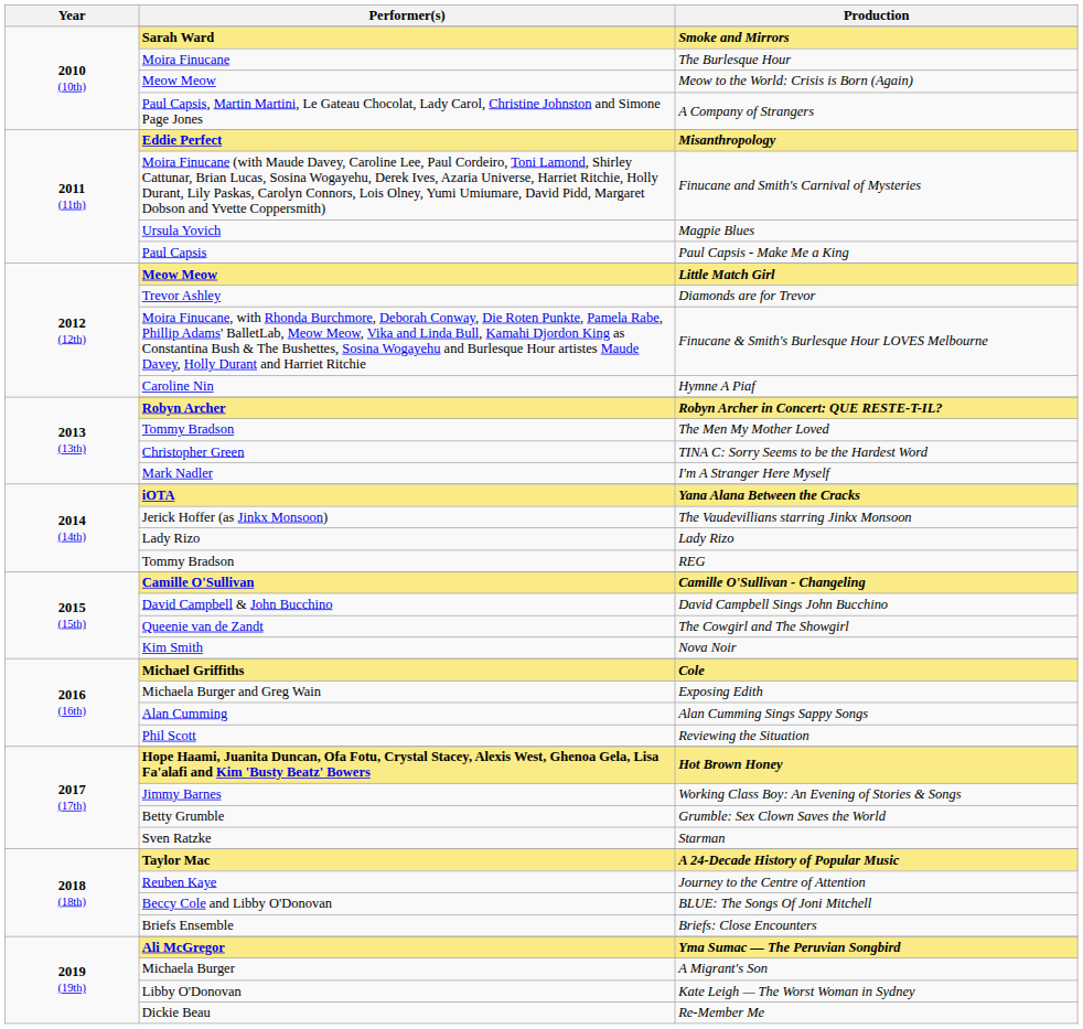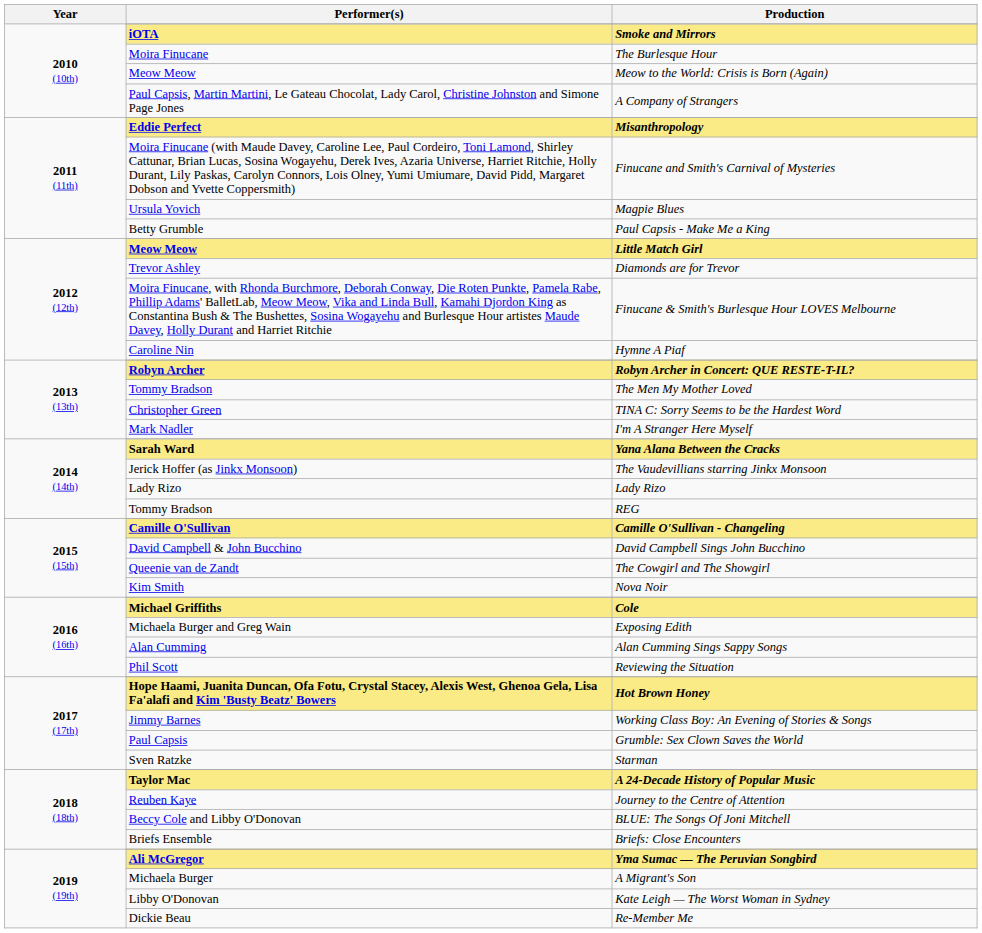 <table class="sortable wikitable">
 <tr>
 <th width="5%">Year</th>
 <th width="20%">Performer(s)</th>
 <th width="15%">Production</th>
 </tr>
 <tr>
 <td rowspan=5 align="center"><strong>2010</strong><br><small><a href='#'>(10th)</a></small></td>
 </tr>
 <tr style="background:#FAEB86">
-<td><strong>Sarah Ward</strong></td>
+<td><strong><a href='#'>iOTA</a></strong></td>
 <td><strong><em>Smoke and Mirrors</em></strong></td>
 </tr>
 <tr>
 <td><a href='#'>Moira Finucane</a></td>
 <td><em>The Burlesque Hour</em></td>
 </tr>
 <tr>
 <td><a href='#'>Meow Meow</a></td>
 <td><em>Meow to the World: Crisis is Born (Again)</em></td>
 </tr>
 <tr>
 <td><a href='#'>Paul Capsis</a>, <a href='#'>Martin Martini</a>, Le Gateau Chocolat, Lady Carol, <a href='#'>Christine Johnston</a> and Simone Page Jones</td>
 <td><em>A Company of Strangers</em></td>
 </tr>
 <tr>
 <td rowspan=5 align="center"><strong>2011</strong><br><small><a href='#'>(11th)</a></small></td>
 </tr>
 <tr style="background:#FAEB86">
 <td><strong><a href='#'>Eddie Perfect</a></strong></td>
 <td><strong><em>Misanthropology</em></strong></td>
 </tr>
 <tr>
 <td><a href='#'>Moira Finucane</a> (with Maude Davey, Caroline Lee, Paul Cordeiro, <a href='#'>Toni Lamond</a>, Shirley Cattunar, Brian Lucas, Sosina Wogayehu, Derek Ives, Azaria Universe, Harriet Ritchie, Holly Durant, Lily Paskas, Carolyn Connors, Lois Olney, Yumi Umiumare, David Pidd, Margaret Dobson and Yvette Coppersmith)</td>
 <td><em>Finucane and Smith's Carnival of Mysteries</em></td>
 </tr>
 <tr>
 <td><a href='#'>Ursula Yovich</a></td>
 <td><em>Magpie Blues</em></td>
 </tr>
 <tr>
-<td><a href='#'>Paul Capsis</a></td>
+<td>Betty Grumble</td>
 <td><em>Paul Capsis - Make Me a King</em></td>
 </tr>
 <tr>
 <td rowspan=5 align="center"><strong>2012</strong><br><small><a href='#'>(12th)</a></small></td>
 </tr>
 <tr style="background:#FAEB86">
 <td><strong><a href='#'>Meow Meow</a></strong></td>
 <td><strong><em>Little Match Girl</em></strong></td>
 </tr>
 <tr>
 <td><a href='#'>Trevor Ashley</a></td>
 <td><em>Diamonds are for Trevor</em></td>
 </tr>
 <tr>
 <td><a href='#'>Moira Finucane</a>, with <a href='#'>Rhonda Burchmore</a>, <a href='#'>Deborah Conway</a>, <a href='#'>Die Roten Punkte</a>, <a href='#'>Pamela Rabe</a>, <a href='#'>Phillip Adams</a>' BalletLab, <a href='#'>Meow Meow</a>, <a href='#'>Vika and Linda Bull</a>, <a href='#'>Kamahi Djordon King</a> as Constantina Bush & The Bushettes, <a href='#'>Sosina Wogayehu</a> and Burlesque Hour artistes <a href='#'>Maude Davey</a>, <a href='#'>Holly Durant</a> and Harriet Ritchie</td>
 <td><em>Finucane & Smith's Burlesque Hour LOVES Melbourne</em></td>
 </tr>
 <tr>
 <td><a href='#'>Caroline Nin</a></td>
 <td><em>Hymne A Piaf</em></td>
 </tr>
 <tr>
 <td rowspan=5 align="center"><strong>2013</strong><br><small><a href='#'>(13th)</a></small></td>
 </tr>
 <tr style="background:#FAEB86">
 <td><strong><a href='#'>Robyn Archer</a></strong></td>
 <td><strong><em>Robyn Archer in Concert: QUE RESTE-T-IL? </em></strong></td>
 </tr>
 <tr>
 <td><a href='#'>Tommy Bradson</a></td>
 <td><em>The Men My Mother Loved</em></td>
 </tr>
 <tr>
 <td><a href='#'>Christopher Green</a></td>
 <td><em>TINA C: Sorry Seems to be the Hardest Word</em></td>
 </tr>
 <tr>
 <td><a href='#'>Mark Nadler</a></td>
 <td><em>I'm A Stranger Here Myself</em></td>
 </tr>
 <tr>
 <td rowspan=5 align="center"><strong>2014</strong><br><small><a href='#'>(14th)</a></small></td>
 </tr>
 <tr style="background:#FAEB86">
-<td><strong><a href='#'>iOTA</a></strong></td>
+<td><strong>Sarah Ward</strong></td>
 <td><strong><em>Yana Alana Between the Cracks</em></strong></td>
 </tr>
 <tr>
 <td>Jerick Hoffer (as <a href='#'>Jinkx Monsoon</a>)</td>
 <td><em>The Vaudevillians starring Jinkx Monsoon</em></td>
 </tr>
 <tr>
 <td>Lady Rizo</td>
 <td><em>Lady Rizo</em></td>
 </tr>
 <tr>
 <td>Tommy Bradson</td>
 <td><em>REG</em></td>
 </tr>
 <tr>
 <td rowspan=5 align="center"><strong>2015</strong><br><small><a href='#'>(15th)</a></small></td>
 </tr>
 <tr style="background:#FAEB86">
 <td><strong><a href='#'>Camille O'Sullivan</a></strong></td>
 <td><strong><em>Camille O'Sullivan - Changeling</em></strong></td>
 </tr>
 <tr>
 <td><a href='#'>David Campbell</a> & <a href='#'>John Bucchino</a></td>
 <td><em>David Campbell Sings John Bucchino</em></td>
 </tr>
 <tr>
 <td><a href='#'>Queenie van de Zandt</a></td>
 <td><em>The Cowgirl and The Showgirl</em></td>
 </tr>
 <tr>
 <td><a href='#'>Kim Smith</a></td>
 <td><em>Nova Noir</em></td>
 </tr>
 <tr>
 <td rowspan=5 align="center"><strong>2016</strong><br><small><a href='#'>(16th)</a></small></td>
 </tr>
 <tr style="background:#FAEB86">
 <td><strong>Michael Griffiths</strong></td>
 <td><strong><em>Cole</em></strong></td>
 </tr>
 <tr>
 <td>Michaela Burger and Greg Wain</td>
 <td><em>Exposing Edith</em></td>
 </tr>
 <tr>
 <td><a href='#'>Alan Cumming</a></td>
 <td><em>Alan Cumming Sings Sappy Songs</em></td>
 </tr>
 <tr>
 <td><a href='#'>Phil Scott</a></td>
 <td><em>Reviewing the Situation</em></td>
 </tr>
 <tr>
 <td rowspan=5 align="center"><strong>2017</strong><br><small><a href='#'>(17th)</a></small></td>
 </tr>
 <tr style="background:#FAEB86">
 <td><strong>Hope Haami, Juanita Duncan, Ofa Fotu, Crystal Stacey, Alexis West, Ghenoa Gela, Lisa Fa'alafi and <a href='#'>Kim 'Busty Beatz' Bowers</a></strong></td>
 <td><strong><em>Hot Brown Honey</em></strong></td>
 </tr>
 <tr>
 <td><a href='#'>Jimmy Barnes</a></td>
 <td><em>Working Class Boy: An Evening of Stories & Songs</em></td>
 </tr>
 <tr>
-<td>Betty Grumble</td>
+<td><a href='#'>Paul Capsis</a></td>
 <td><em>Grumble: Sex Clown Saves the World</em></td>
 </tr>
 <tr>
 <td>Sven Ratzke</td>
 <td><em>Starman</em></td>
 </tr>
 <tr>
 <td rowspan=5 align="center"><strong>2018</strong><br><small><a href='#'>(18th)</a></small></td>
 </tr>
 <tr style="background:#FAEB86">
 <td><strong>Taylor Mac</strong></td>
 <td><strong><em>A 24-Decade History of Popular Music</em></strong></td>
 </tr>
 <tr>
 <td><a href='#'>Reuben Kaye</a></td>
 <td><em>Journey to the Centre of Attention</em></td>
 </tr>
 <tr>
 <td><a href='#'>Beccy Cole</a> and Libby O'Donovan</td>
 <td><em>BLUE: The Songs Of Joni Mitchell</em></td>
 </tr>
 <tr>
 <td>Briefs Ensemble</td>
 <td><em>Briefs: Close Encounters</em></td>
 </tr>
 <tr>
 <td rowspan=5 align="center"><strong>2019</strong><br><small><a href='#'>(19th)</a></small></td>
 </tr>
 <tr style="background:#FAEB86">
 <td><strong><a href='#'>Ali McGregor</a></strong></td>
 <td><strong><em>Yma Sumac — The Peruvian Songbird</em></strong></td>
 </tr>
 <tr>
 <td>Michaela Burger</td>
 <td><em>A Migrant's Son</em></td>
 </tr>
 <tr>
 <td>Libby O'Donovan</td>
 <td><em>Kate Leigh — The Worst Woman in Sydney</em></td>
 </tr>
 <tr>
 <td>Dickie Beau</td>
 <td><em>Re-Member Me</em></td>
 </tr>
 </table>
